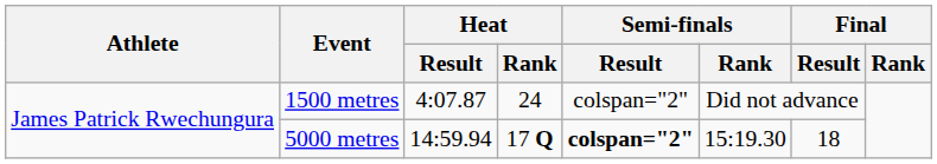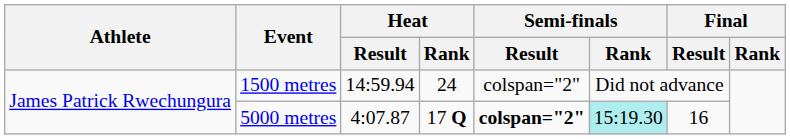 <table class="wikitable" style="font-size:90%; text-align:center">
 <tr>
 <th rowspan="2">Athlete</th>
 <th rowspan="2">Event</th>
 <th colspan="2">Heat</th>
 <th colspan="2">Semi-finals</th>
 <th colspan="2">Final</th>
 </tr>
 <tr>
 <th>Result</th>
 <th>Rank</th>
 <th>Result</th>
 <th>Rank</th>
 <th>Result</th>
 <th>Rank</th>
 </tr>
 <tr>
 <td align="left" rowspan=2><a href='#'>James Patrick Rwechungura</a></td>
 <td align="left"><a href='#'>1500 metres</a></td>
-<td>4:07.87</td>
+<td>14:59.94</td>
 <td>24</td>
 <td>colspan="2" </td>
 <td colspan="2">Did not advance</td>
 </tr>
 <tr>
 <td align="left"><a href='#'>5000 metres</a></td>
-<td>14:59.94</td>
+<td>4:07.87</td>
 <td>17 <strong>Q</strong></td>
 <td><strong>colspan="2" </strong></td>
-<td>15:19.30</td>
-<td>18</td>
+<td style="background: paleturquoise;">15:19.30</td>
+<td>16</td>
 </tr>
 </table>
